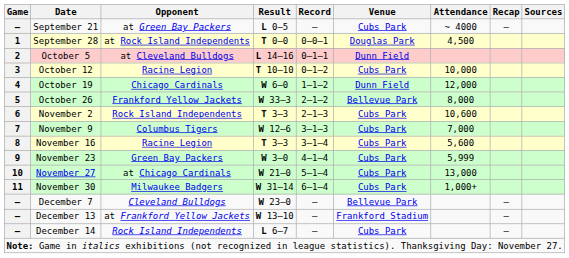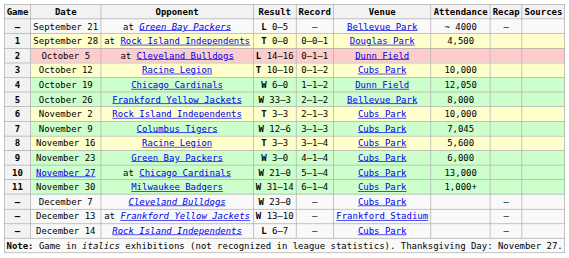 <table class="wikitable" style="text-align:center">
 <tr>
 <th>Game</th>
 <th>Date</th>
 <th>Opponent</th>
 <th>Result</th>
 <th>Record</th>
 <th>Venue</th>
 <th>Attendance</th>
 <th>Recap</th>
 <th>Sources</th>
 </tr>
 <tr>
 <th>—</th>
 <td>September 21</td>
 <td>at <em><a href='#'>Green Bay Packers</a></em></td>
 <td><strong>L</strong> 0–5</td>
 <td>—</td>
-<td><a href='#'>Cubs Park</a></td>
+<td><a href='#'>Bellevue Park</a></td>
 <td>~ 4000</td>
 <td>—</td>
 <td></td>
 </tr>
 <tr style="background:#ffc">
 <th>1</th>
 <td>September 28</td>
 <td>at <a href='#'>Rock Island Independents</a></td>
 <td><strong>T</strong> 0–0</td>
 <td>0–0–1</td>
 <td><a href='#'>Douglas Park</a></td>
 <td>4,500</td>
 <td></td>
 <td></td>
 </tr>
 <tr style="background:#fcc">
 <th>2</th>
 <td>October 5</td>
 <td>at <a href='#'>Cleveland Bulldogs</a></td>
 <td><strong>L</strong> 14–16</td>
 <td>0–1–1</td>
 <td><a href='#'>Dunn Field</a></td>
 <td></td>
 <td></td>
 <td></td>
 </tr>
 <tr style="background:#ffc">
 <th>3</th>
 <td>October 12</td>
 <td><a href='#'>Racine Legion</a></td>
 <td><strong>T</strong> 10–10</td>
 <td>0–1–2</td>
 <td><a href='#'>Cubs Park</a></td>
 <td>10,000</td>
 <td></td>
 <td></td>
 </tr>
 <tr style="background:#cfc">
 <th>4</th>
 <td>October 19</td>
 <td><a href='#'>Chicago Cardinals</a></td>
 <td><strong>W</strong> 6–0</td>
 <td>1–1–2</td>
 <td><a href='#'>Dunn Field</a></td>
-<td>12,000</td>
+<td>12,050</td>
 <td></td>
 <td></td>
 </tr>
 <tr style="background:#cfc">
 <th>5</th>
 <td>October 26</td>
 <td><a href='#'>Frankford Yellow Jackets</a></td>
 <td><strong>W</strong> 33–3</td>
 <td>2–1–2</td>
 <td><a href='#'>Bellevue Park</a></td>
 <td>8,000</td>
 <td></td>
 <td></td>
 </tr>
 <tr style="background:#ffc">
 <th>6</th>
 <td>November 2</td>
 <td><a href='#'>Rock Island Independents</a></td>
 <td><strong>T</strong> 3–3</td>
 <td>2–1–3</td>
 <td><a href='#'>Cubs Park</a></td>
-<td>10,600</td>
+<td>10,000</td>
 <td></td>
 <td></td>
 </tr>
 <tr style="background:#cfc">
 <th>7</th>
 <td>November 9</td>
 <td><a href='#'>Columbus Tigers</a></td>
 <td><strong>W</strong> 12–6</td>
 <td>3–1–3</td>
 <td><a href='#'>Cubs Park</a></td>
-<td>7,000</td>
+<td>7,045</td>
 <td></td>
 <td></td>
 </tr>
 <tr style="background:#ffc">
 <th>8</th>
 <td>November 16</td>
 <td><a href='#'>Racine Legion</a></td>
 <td><strong>T</strong> 3–3</td>
 <td>3–1–4</td>
 <td><a href='#'>Cubs Park</a></td>
 <td>5,600</td>
 <td></td>
 <td></td>
 </tr>
 <tr style="background:#cfc">
 <th>9</th>
 <td>November 23</td>
 <td><a href='#'>Green Bay Packers</a></td>
 <td><strong>W</strong> 3–0</td>
 <td>4–1–4</td>
 <td><a href='#'>Cubs Park</a></td>
-<td>5,999</td>
+<td>6,000</td>
 <td></td>
 <td></td>
 </tr>
 <tr style="background:#cfc">
 <th>10</th>
 <td><a href='#'>November 27</a></td>
 <td>at <a href='#'>Chicago Cardinals</a></td>
 <td><strong>W</strong> 21–0</td>
 <td>5–1–4</td>
 <td><a href='#'>Cubs Park</a></td>
 <td>13,000</td>
 <td></td>
 <td></td>
 </tr>
 <tr style="background:#cfc">
 <th>11</th>
 <td>November 30</td>
 <td><a href='#'>Milwaukee Badgers</a></td>
 <td><strong>W</strong> 31–14</td>
 <td>6–1–4</td>
 <td><a href='#'>Cubs Park</a></td>
 <td>1,000+</td>
 <td></td>
 <td></td>
 </tr>
 <tr>
 <th>—</th>
 <td>December 7</td>
 <td><em><a href='#'>Cleveland Bulldogs</a></em></td>
 <td><strong>W</strong> 23–0</td>
 <td>—</td>
-<td><a href='#'>Bellevue Park</a></td>
+<td><a href='#'>Cubs Park</a></td>
 <td></td>
 <td>—</td>
 <td></td>
 </tr>
 <tr>
 <th>—</th>
 <td>December 13</td>
 <td>at <em><a href='#'>Frankford Yellow Jackets</a></em></td>
 <td><strong>W</strong> 13–10</td>
 <td>—</td>
 <td><a href='#'>Frankford Stadium</a></td>
 <td></td>
 <td>—</td>
 <td></td>
 </tr>
 <tr>
 <th>—</th>
 <td>December 14</td>
 <td><em><a href='#'>Rock Island Independents</a></em></td>
 <td><strong>L</strong> 6–7</td>
 <td>—</td>
 <td><a href='#'>Cubs Park</a></td>
 <td></td>
 <td>—</td>
 <td></td>
 </tr>
 <tr>
 <td colspan="10"><strong>Note:</strong> Game in <em>italics</em> exhibitions (not recognized in league statistics). Thanksgiving Day: November 27.</td>
 </tr>
 </table>
